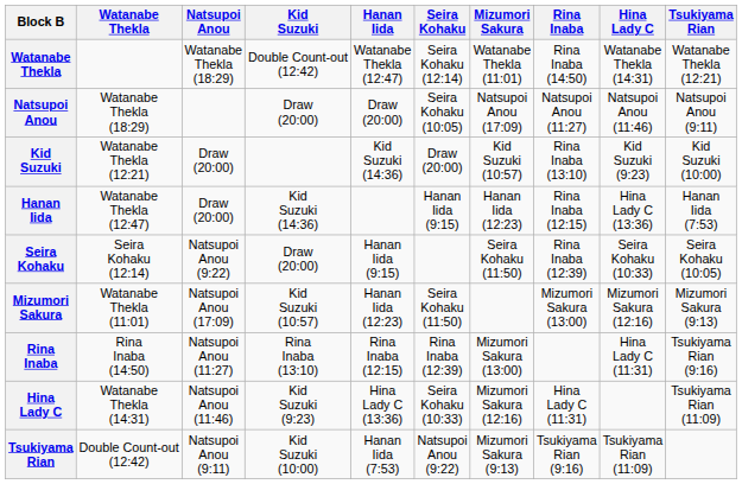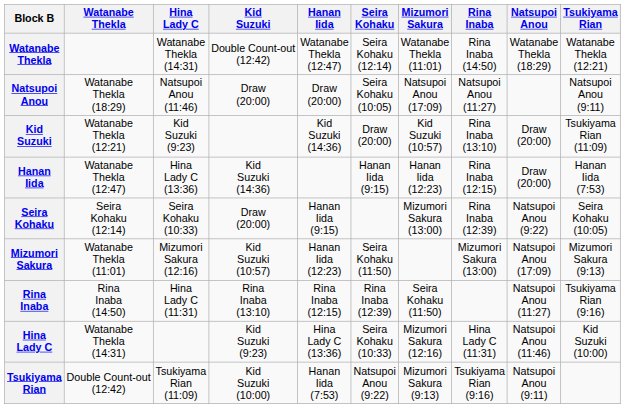 <table class="wikitable" style="text-align:center; margin: 1em auto 1em auto">
 <tr>
 <th>Block B</th>
 <th><a href='#'>Watanabe</a><br><a href='#'>Thekla</a></th>
-<th><a href='#'>Natsupoi</a><br><a href='#'>Anou</a></th>
+<th><a href='#'>Hina</a><br><a href='#'>Lady C</a></th>
 <th><a href='#'>Kid</a><br><a href='#'>Suzuki</a></th>
 <th><a href='#'>Hanan</a><br><a href='#'>Iida</a></th>
 <th><a href='#'>Seira</a><br><a href='#'>Kohaku</a></th>
 <th><a href='#'>Mizumori</a><br><a href='#'>Sakura</a></th>
 <th><a href='#'>Rina</a><br><a href='#'>Inaba</a></th>
-<th><a href='#'>Hina</a><br><a href='#'>Lady C</a></th>
+<th><a href='#'>Natsupoi</a><br><a href='#'>Anou</a></th>
 <th><a href='#'>Tsukiyama</a><br><a href='#'>Rian</a></th>
 </tr>
 <tr>
 <th><a href='#'>Watanabe</a><br><a href='#'>Thekla</a></th>
 <td></td>
-<td>Watanabe<br>Thekla<br>(18:29)</td>
+<td>Watanabe<br>Thekla<br>(14:31)</td>
 <td>Double Count-out<br>(12:42)</td>
 <td>Watanabe<br>Thekla<br>(12:47)</td>
 <td>Seira<br>Kohaku<br>(12:14)</td>
 <td>Watanabe<br>Thekla<br>(11:01)</td>
 <td>Rina<br>Inaba<br>(14:50)</td>
-<td>Watanabe<br>Thekla<br>(14:31)</td>
+<td>Watanabe<br>Thekla<br>(18:29)</td>
 <td>Watanabe<br>Thekla<br>(12:21)</td>
 </tr>
 <tr>
 <th><a href='#'>Natsupoi</a><br><a href='#'>Anou</a></th>
 <td>Watanabe<br>Thekla<br>(18:29)</td>
-<td></td>
+<td>Natsupoi<br>Anou<br>(11:46)</td>
 <td>Draw<br>(20:00)</td>
 <td>Draw<br>(20:00)</td>
 <td>Seira<br>Kohaku<br>(10:05)</td>
 <td>Natsupoi<br>Anou<br>(17:09)</td>
 <td>Natsupoi<br>Anou<br>(11:27)</td>
-<td>Natsupoi<br>Anou<br>(11:46)</td>
+<td></td>
 <td>Natsupoi<br>Anou<br>(9:11)</td>
 </tr>
 <tr>
 <th><a href='#'>Kid</a><br><a href='#'>Suzuki</a></th>
 <td>Watanabe<br>Thekla<br>(12:21)</td>
-<td>Draw<br>(20:00)</td>
+<td>Kid<br>Suzuki<br>(9:23)</td>
 <td></td>
 <td>Kid<br>Suzuki<br>(14:36)</td>
 <td>Draw<br>(20:00)</td>
 <td>Kid<br>Suzuki<br>(10:57)</td>
 <td>Rina<br>Inaba<br>(13:10)</td>
-<td>Kid<br>Suzuki<br>(9:23)</td>
-<td>Kid<br>Suzuki<br>(10:00)</td>
+<td>Draw<br>(20:00)</td>
+<td>Tsukiyama<br>Rian<br>(11:09)</td>
 </tr>
 <tr>
 <th><a href='#'>Hanan</a><br><a href='#'>Iida</a></th>
 <td>Watanabe<br>Thekla<br>(12:47)</td>
-<td>Draw<br>(20:00)</td>
+<td>Hina<br>Lady C<br>(13:36)</td>
 <td>Kid<br>Suzuki<br>(14:36)</td>
 <td></td>
 <td>Hanan<br>Iida<br>(9:15)</td>
 <td>Hanan<br>Iida<br>(12:23)</td>
 <td>Rina<br>Inaba<br>(12:15)</td>
-<td>Hina<br>Lady C<br>(13:36)</td>
+<td>Draw<br>(20:00)</td>
 <td>Hanan<br>Iida<br>(7:53)</td>
 </tr>
 <tr>
 <th><a href='#'>Seira</a><br><a href='#'>Kohaku</a></th>
 <td>Seira<br>Kohaku<br>(12:14)</td>
-<td>Natsupoi<br>Anou<br>(9:22)</td>
+<td>Seira<br>Kohaku<br>(10:33)</td>
 <td>Draw<br>(20:00)</td>
 <td>Hanan<br>Iida<br>(9:15)</td>
 <td></td>
-<td>Seira<br>Kohaku<br>(11:50)</td>
+<td>Mizumori<br>Sakura<br>(13:00)</td>
 <td>Rina<br>Inaba<br>(12:39)</td>
-<td>Seira<br>Kohaku<br>(10:33)</td>
+<td>Natsupoi<br>Anou<br>(9:22)</td>
 <td>Seira<br>Kohaku<br>(10:05)</td>
 </tr>
 <tr>
 <th><a href='#'>Mizumori</a><br><a href='#'>Sakura</a></th>
 <td>Watanabe<br>Thekla<br>(11:01)</td>
-<td>Natsupoi<br>Anou<br>(17:09)</td>
+<td>Mizumori<br>Sakura<br>(12:16)</td>
 <td>Kid<br>Suzuki<br>(10:57)</td>
 <td>Hanan<br>Iida<br>(12:23)</td>
 <td>Seira<br>Kohaku<br>(11:50)</td>
 <td></td>
 <td>Mizumori<br>Sakura<br>(13:00)</td>
-<td>Mizumori<br>Sakura<br>(12:16)</td>
+<td>Natsupoi<br>Anou<br>(17:09)</td>
 <td>Mizumori<br>Sakura<br>(9:13)</td>
 </tr>
 <tr>
 <th><a href='#'>Rina</a><br><a href='#'>Inaba</a></th>
 <td>Rina<br>Inaba<br>(14:50)</td>
-<td>Natsupoi<br>Anou<br>(11:27)</td>
+<td>Hina<br>Lady C<br>(11:31)</td>
 <td>Rina<br>Inaba<br>(13:10)</td>
 <td>Rina<br>Inaba<br>(12:15)</td>
 <td>Rina<br>Inaba<br>(12:39)</td>
-<td>Mizumori<br>Sakura<br>(13:00)</td>
+<td>Seira<br>Kohaku<br>(11:50)</td>
 <td></td>
-<td>Hina<br>Lady C<br>(11:31)</td>
+<td>Natsupoi<br>Anou<br>(11:27)</td>
 <td>Tsukiyama<br>Rian<br>(9:16)</td>
 </tr>
 <tr>
 <th><a href='#'>Hina</a><br><a href='#'>Lady C</a></th>
 <td>Watanabe<br>Thekla<br>(14:31)</td>
-<td>Natsupoi<br>Anou<br>(11:46)</td>
+<td></td>
 <td>Kid<br>Suzuki<br>(9:23)</td>
 <td>Hina<br>Lady C<br>(13:36)</td>
 <td>Seira<br>Kohaku<br>(10:33)</td>
 <td>Mizumori<br>Sakura<br>(12:16)</td>
 <td>Hina<br>Lady C<br>(11:31)</td>
-<td></td>
-<td>Tsukiyama<br>Rian<br>(11:09)</td>
+<td>Natsupoi<br>Anou<br>(11:46)</td>
+<td>Kid<br>Suzuki<br>(10:00)</td>
 </tr>
 <tr>
 <th><a href='#'>Tsukiyama</a><br><a href='#'>Rian</a></th>
 <td>Double Count-out<br>(12:42)</td>
-<td>Natsupoi<br>Anou<br>(9:11)</td>
+<td>Tsukiyama<br>Rian<br>(11:09)</td>
 <td>Kid<br>Suzuki<br>(10:00)</td>
 <td>Hanan<br>Iida<br>(7:53)</td>
 <td>Natsupoi<br>Anou<br>(9:22)</td>
 <td>Mizumori<br>Sakura<br>(9:13)</td>
 <td>Tsukiyama<br>Rian<br>(9:16)</td>
-<td>Tsukiyama<br>Rian<br>(11:09)</td>
+<td>Natsupoi<br>Anou<br>(9:11)</td>
 <td></td>
 </tr>
 </table>
